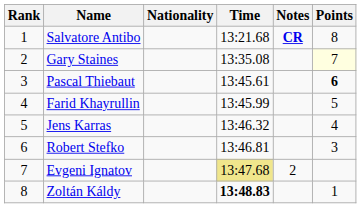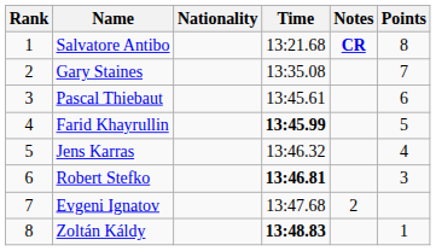 <table class="wikitable sortable" style="text-align:center">
 <tr>
 <th>Rank</th>
 <th>Name</th>
 <th>Nationality</th>
 <th>Time</th>
 <th>Notes</th>
 <th>Points</th>
 </tr>
 <tr>
 <td>1</td>
 <td align=left><a href='#'>Salvatore Antibo</a></td>
 <td align=left></td>
 <td>13:21.68</td>
 <td><strong><a href='#'>CR</a></strong></td>
 <td>8</td>
 </tr>
 <tr>
 <td>2</td>
 <td align=left><a href='#'>Gary Staines</a></td>
 <td align=left></td>
 <td>13:35.08</td>
 <td></td>
-<td style="background: lightyellow;">7</td>
+<td>7</td>
 </tr>
 <tr>
 <td>3</td>
 <td align=left><a href='#'>Pascal Thiebaut</a></td>
 <td align=left></td>
 <td>13:45.61</td>
 <td></td>
-<td><strong>6</strong></td>
+<td>6</td>
 </tr>
 <tr>
 <td>4</td>
 <td align=left><a href='#'>Farid Khayrullin</a></td>
 <td align=left></td>
-<td>13:45.99</td>
+<td><strong>13:45.99</strong></td>
 <td></td>
 <td>5</td>
 </tr>
 <tr>
 <td>5</td>
 <td align=left><a href='#'>Jens Karras</a></td>
 <td align=left></td>
 <td>13:46.32</td>
 <td></td>
 <td>4</td>
 </tr>
 <tr>
 <td>6</td>
 <td align=left><a href='#'>Robert Stefko</a></td>
 <td align=left></td>
-<td>13:46.81</td>
+<td><strong>13:46.81</strong></td>
 <td></td>
 <td>3</td>
 </tr>
 <tr>
 <td>7</td>
 <td align=left><a href='#'>Evgeni Ignatov</a></td>
 <td align=left></td>
-<td style="background: khaki;">13:47.68</td>
+<td>13:47.68</td>
 <td>2</td>
 </tr>
 <tr>
 <td>8</td>
 <td align=left><a href='#'>Zoltán Káldy</a></td>
 <td align=left></td>
 <td><strong>13:48.83</strong></td>
 <td></td>
 <td>1</td>
 </tr>
 </table>
